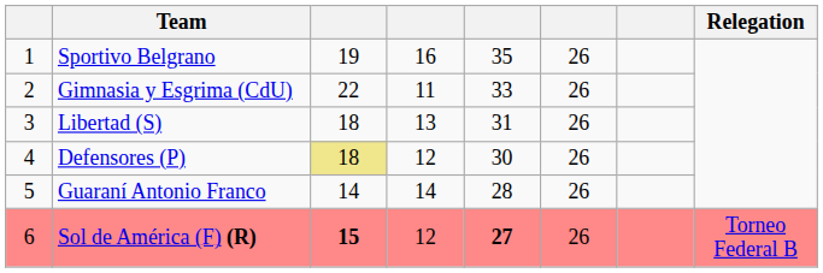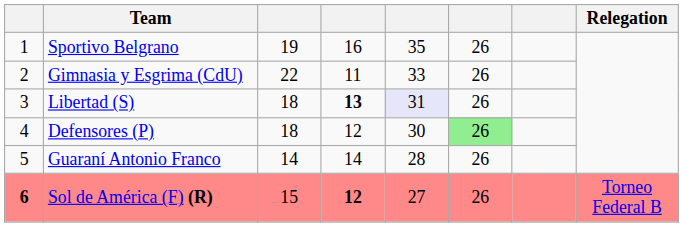 <table class="wikitable" style="text-align: center;">
 <tr>
 <th width=28><br></th>
 <th width=185>Team</th>
 <th width=50></th>
 <th width=50></th>
 <th width=50></th>
 <th width=50></th>
 <th width=50><br></th>
 <th>Relegation</th>
 </tr>
 <tr>
 <td>1</td>
 <td align="left"><a href='#'>Sportivo Belgrano</a></td>
 <td>19</td>
 <td>16</td>
 <td>35</td>
 <td>26</td>
 <td><strong></strong></td>
 </tr>
 <tr>
 <td>2</td>
 <td align="left"><a href='#'>Gimnasia y Esgrima (CdU)</a></td>
 <td>22</td>
 <td>11</td>
 <td>33</td>
 <td>26</td>
 <td><strong></strong></td>
 </tr>
 <tr>
 <td>3</td>
 <td align="left"><a href='#'>Libertad (S)</a></td>
 <td>18</td>
-<td>13</td>
-<td>31</td>
+<td><strong>13</strong></td>
+<td style="background: lavender;">31</td>
 <td>26</td>
 <td><strong></strong></td>
 </tr>
 <tr>
 <td>4</td>
 <td align="left"><a href='#'>Defensores (P)</a></td>
-<td style="background: khaki;">18</td>
+<td>18</td>
 <td>12</td>
 <td>30</td>
-<td>26</td>
+<td style="background: lightgreen;">26</td>
 <td><strong></strong></td>
 </tr>
 <tr>
 <td>5</td>
 <td align="left"><a href='#'>Guaraní Antonio Franco</a></td>
 <td>14</td>
 <td>14</td>
 <td>28</td>
 <td>26</td>
 <td><strong></strong></td>
 </tr>
 <tr bgcolor=#FF8888>
-<td>6</td>
+<td><strong>6</strong></td>
 <td align="left"><a href='#'>Sol de América (F)</a> <strong>(R)</strong></td>
-<td><strong>15</strong></td>
-<td>12</td>
-<td><strong>27</strong></td>
+<td>15</td>
+<td><strong>12</strong></td>
+<td>27</td>
 <td>26</td>
 <td><strong></strong></td>
 <td><a href='#'>Torneo Federal B</a></td>
 </tr>
 </table>
